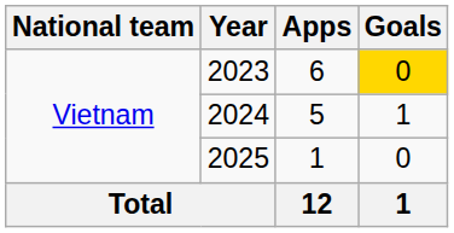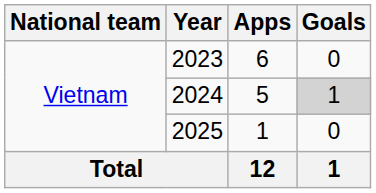 <table class="wikitable" style="text-align: center;">
 <tr>
 <th>National team</th>
 <th>Year</th>
 <th>Apps</th>
 <th>Goals</th>
 </tr>
 <tr>
 <td rowspan=3><a href='#'>Vietnam</a></td>
 <td>2023</td>
 <td>6</td>
-<td style="background: gold;">0</td>
+<td>0</td>
 </tr>
 <tr>
 <td>2024</td>
 <td>5</td>
-<td>1</td>
+<td style="background: lightgrey;">1</td>
 </tr>
 <tr>
 <td>2025</td>
 <td>1</td>
 <td>0</td>
 </tr>
 <tr>
 <th colspan=2>Total</th>
 <th>12</th>
 <th>1</th>
 </tr>
 </table>
